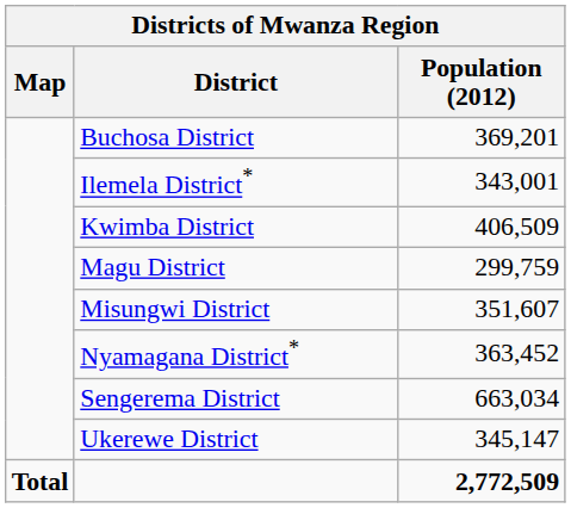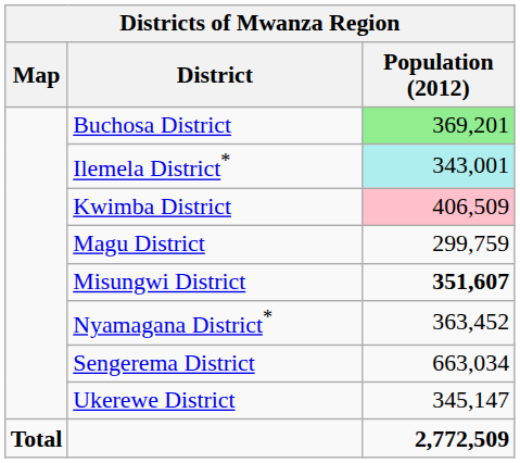 <table class="wikitable">
 <tr>
 <th colspan="6">Districts of Mwanza Region</th>
 </tr>
 <tr style="text-align:center;">
 <th>Map</th>
 <th style="width: 12em">District</th>
 <th style="width: 6em">Population<br>(2012)</th>
 </tr>
 <tr>
 <td rowspan=8></td>
 <td><a href='#'>Buchosa District</a></td>
-<td style="text-align:right;">369,201</td>
+<td style="background: lightgreen; text-align:right;">369,201</td>
 </tr>
 <tr>
 <td><a href='#'>Ilemela District</a><sup>*</sup></td>
-<td style="text-align:right;">343,001</td>
+<td style="background: paleturquoise; text-align:right;">343,001</td>
 </tr>
 <tr>
 <td><a href='#'>Kwimba District</a></td>
-<td style="text-align:right;">406,509</td>
+<td style="background: pink; text-align:right;">406,509</td>
 </tr>
 <tr>
 <td><a href='#'>Magu District</a></td>
 <td style="text-align:right;">299,759</td>
 </tr>
 <tr>
 <td><a href='#'>Misungwi District</a></td>
-<td style="text-align:right;">351,607</td>
+<td style="text-align:right;"><strong>351,607</strong></td>
 </tr>
 <tr>
 <td><a href='#'>Nyamagana District</a><sup>*</sup></td>
 <td style="text-align:right;">363,452</td>
 </tr>
 <tr>
 <td><a href='#'>Sengerema District</a></td>
 <td style="text-align:right;">663,034</td>
 </tr>
 <tr>
 <td><a href='#'>Ukerewe District</a></td>
 <td style="text-align:right;">345,147</td>
 </tr>
 <tr>
 <td><strong>Total</strong></td>
 <td></td>
 <td style="text-align:right;"><strong>2,772,509</strong></td>
 </tr>
 </table>
